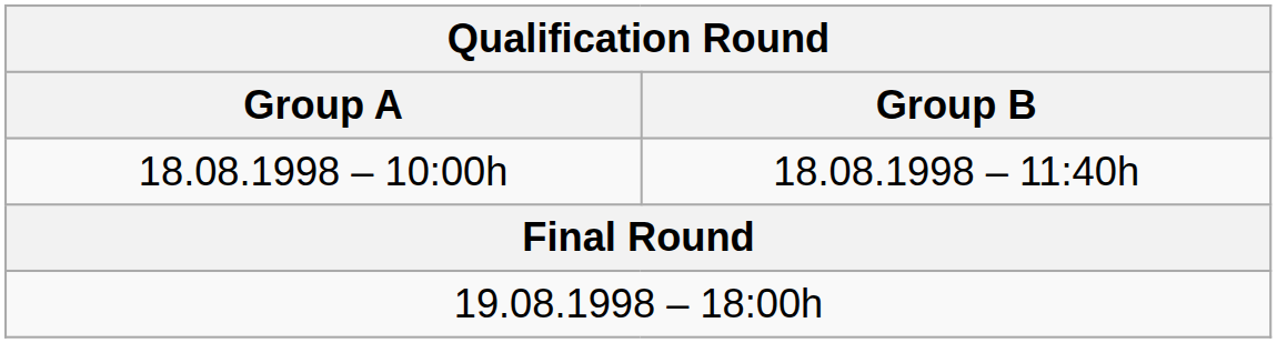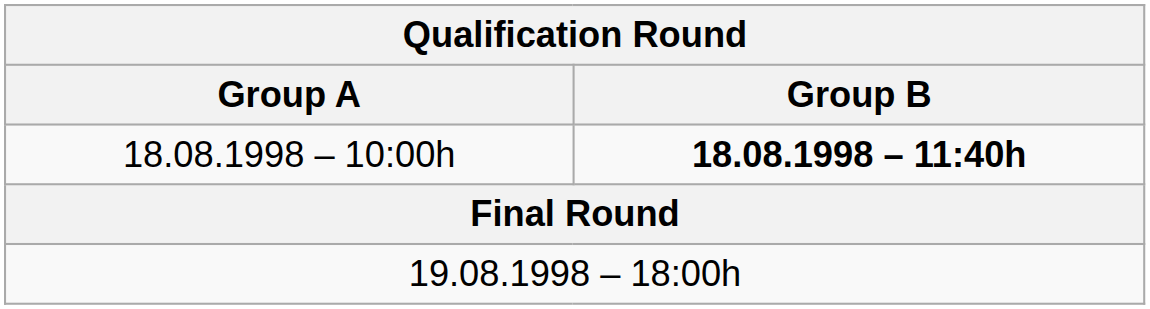 <table class="wikitable" style=" text-align:center; font-size:110%;" width="35%">
 <tr>
 <th colspan="2">Qualification Round</th>
 </tr>
 <tr>
 <th>Group A</th>
 <th>Group B</th>
 </tr>
 <tr>
 <td>18.08.1998 – 10:00h</td>
-<td>18.08.1998 – 11:40h</td>
+<td><strong>18.08.1998 – 11:40h</strong></td>
 </tr>
 <tr>
 <th colspan="2">Final Round</th>
 </tr>
 <tr>
 <td colspan="2">19.08.1998 – 18:00h</td>
 </tr>
 </table>
